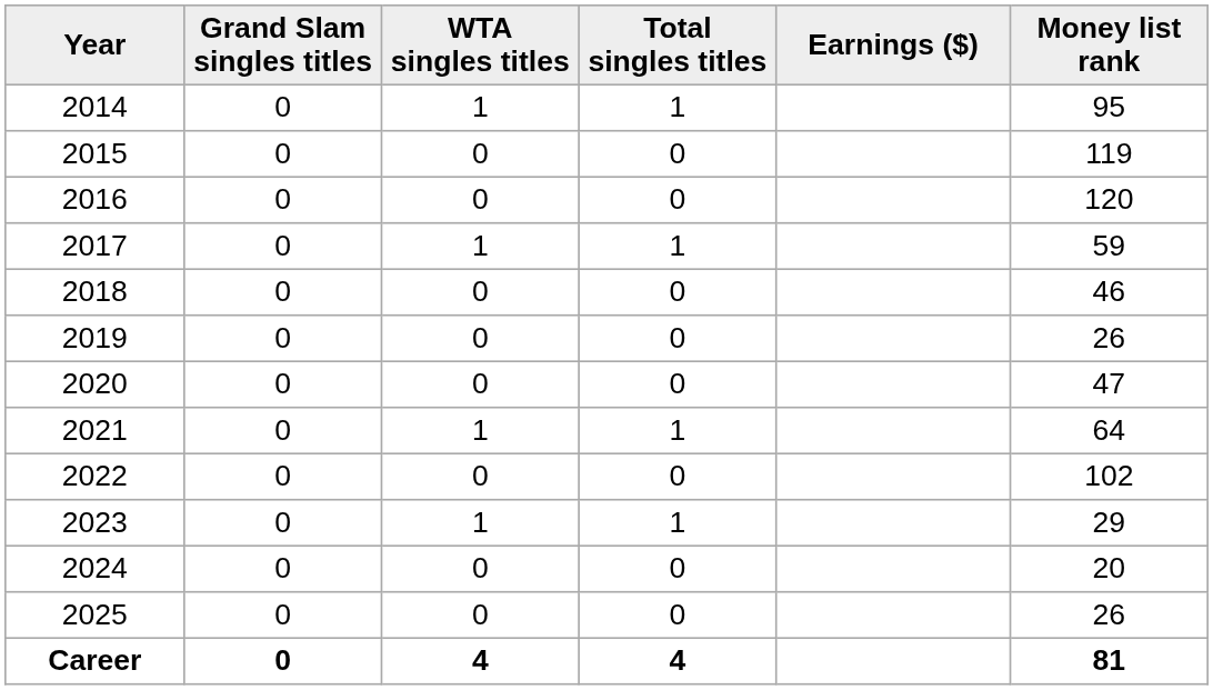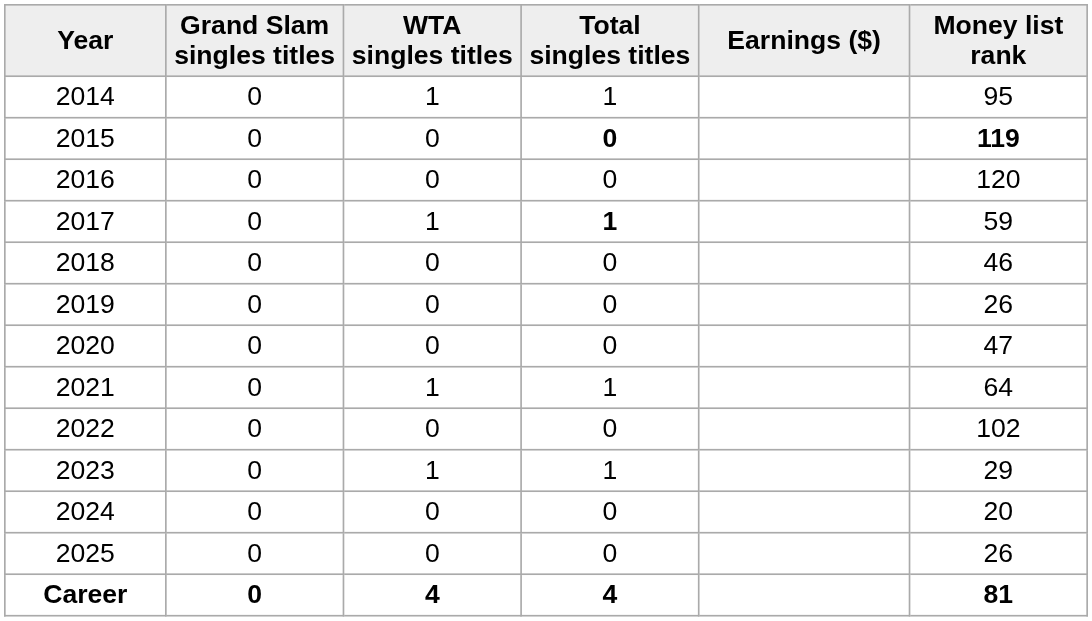 <table cellpadding=3 cellspacing=0 border=1 style=border:#aaa;solid:1px;border-collapse:collapse;text-align:center;>
 <tr style=background:#eee;font-weight:bold>
 <td width="90">Year</td>
 <td width="100">Grand Slam <br>singles titles</td>
 <td width="100">WTA <br>singles titles</td>
 <td width="100">Total <br>singles titles</td>
 <td width="120">Earnings ($)</td>
 <td width="100">Money list rank</td>
 </tr>
 <tr>
 <td>2014</td>
 <td>0</td>
 <td>1</td>
 <td>1</td>
 <td align="right"></td>
 <td>95</td>
 </tr>
 <tr>
 <td>2015</td>
 <td>0</td>
 <td>0</td>
-<td>0</td>
+<td><strong>0</strong></td>
 <td align="right"></td>
-<td>119</td>
+<td><strong>119</strong></td>
 </tr>
 <tr>
 <td>2016</td>
 <td>0</td>
 <td>0</td>
 <td>0</td>
 <td align="right"></td>
 <td>120</td>
 </tr>
 <tr>
 <td>2017</td>
 <td>0</td>
 <td>1</td>
-<td>1</td>
+<td><strong>1</strong></td>
 <td align="right"></td>
 <td>59</td>
 </tr>
 <tr>
 <td>2018</td>
 <td>0</td>
 <td>0</td>
 <td>0</td>
 <td align="right"></td>
 <td>46</td>
 </tr>
 <tr>
 <td>2019</td>
 <td>0</td>
 <td>0</td>
 <td>0</td>
 <td align="right"></td>
 <td>26</td>
 </tr>
 <tr>
 <td>2020</td>
 <td>0</td>
 <td>0</td>
 <td>0</td>
 <td align="right"></td>
 <td>47</td>
 </tr>
 <tr>
 <td>2021</td>
 <td>0</td>
 <td>1</td>
 <td>1</td>
 <td align="right"></td>
 <td>64</td>
 </tr>
 <tr>
 <td>2022</td>
 <td>0</td>
 <td>0</td>
 <td>0</td>
 <td align="right"></td>
 <td>102</td>
 </tr>
 <tr>
 <td>2023</td>
 <td>0</td>
 <td>1</td>
 <td>1</td>
 <td align="right"></td>
 <td>29</td>
 </tr>
 <tr>
 <td>2024</td>
 <td>0</td>
 <td>0</td>
 <td>0</td>
 <td align="right"></td>
 <td>20</td>
 </tr>
 <tr>
 <td>2025</td>
 <td>0</td>
 <td>0</td>
 <td>0</td>
 <td align="right"></td>
 <td>26</td>
 </tr>
 <tr style="font-weight:bold;">
 <td>Career</td>
 <td>0</td>
 <td>4</td>
 <td>4</td>
 <td align="right"></td>
 <td>81</td>
 </tr>
 </table>
